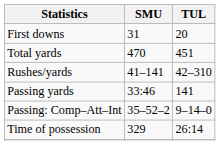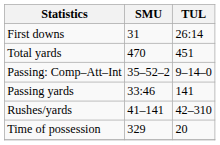 <table class="wikitable" style="float: left;">
 <tr>
 <th>Statistics</th>
 <th>SMU</th>
 <th>TUL</th>
 </tr>
 <tr>
 <td>First downs</td>
 <td>31</td>
-<td>20</td>
+<td>26:14</td>
 </tr>
 <tr>
 <td>Total yards</td>
 <td>470</td>
 <td>451</td>
 </tr>
 <tr>
-<td>Rushes/yards</td>
-<td>41–141</td>
-<td>42–310</td>
+<td>Passing: Comp–Att–Int</td>
+<td>35–52–2</td>
+<td>9–14–0</td>
 </tr>
 <tr>
 <td>Passing yards</td>
 <td>33:46</td>
 <td>141</td>
 </tr>
 <tr>
-<td>Passing: Comp–Att–Int</td>
-<td>35–52–2</td>
-<td>9–14–0</td>
+<td>Rushes/yards</td>
+<td>41–141</td>
+<td>42–310</td>
 </tr>
 <tr>
 <td>Time of possession</td>
 <td>329</td>
-<td>26:14</td>
+<td>20</td>
 </tr>
 <tr>
 </tr>
 </table>
